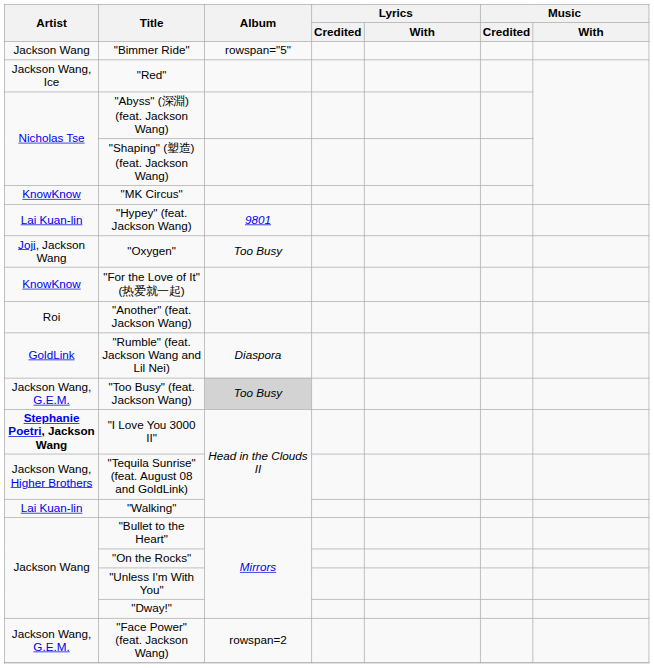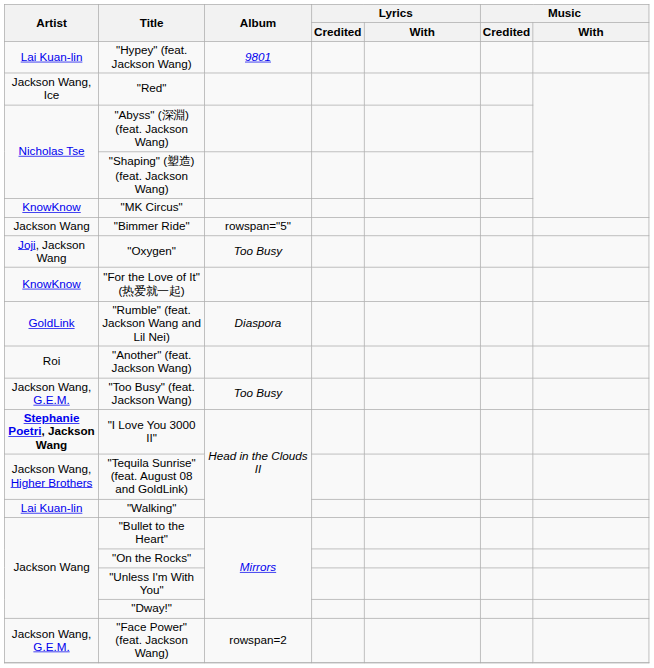 <table class="wikitable" style="text-align:center; width:100%;">
 <tr>
 <th rowspan="2" style="width:15%;">Artist</th>
 <th rowspan="2" style="width:17%;">Title</th>
 <th rowspan="2" style="width:17%;">Album</th>
 <th colspan="2" style="width:24%;">Lyrics</th>
 <th colspan="2" style="width:24%;">Music</th>
 </tr>
 <tr>
 <th style="width:5%;">Credited</th>
 <th style="width:19%;">With</th>
 <th style="width:5%;">Credited</th>
 <th style="width:19%;">With</th>
 </tr>
 <tr>
-<td>Jackson Wang</td>
-<td>"Bimmer Ride"</td>
-<td>rowspan="5" </td>
+<td><a href='#'>Lai Kuan-lin</a></td>
+<td>"Hypey" (feat. Jackson Wang)</td>
+<td><em><a href='#'>9801</a></em></td>
 <td></td>
 <td></td>
 <td></td>
 <td></td>
 </tr>
 <tr>
 <td>Jackson Wang, Ice</td>
 <td>"Red"</td>
 <td></td>
 <td></td>
 <td></td>
 <td></td>
 </tr>
 <tr>
 <td rowspan="2"><a href='#'>Nicholas Tse</a></td>
 <td>"Abyss" (深淵) (feat. Jackson Wang)</td>
 <td></td>
 <td></td>
 <td></td>
 <td></td>
 </tr>
 <tr>
 <td>"Shaping" (塑造) (feat. Jackson Wang)</td>
 <td></td>
 <td></td>
 <td></td>
 <td></td>
 </tr>
 <tr>
 <td><a href='#'>KnowKnow</a></td>
 <td>"MK Circus"</td>
 <td></td>
 <td></td>
 <td></td>
 <td></td>
 </tr>
 <tr>
-<td><a href='#'>Lai Kuan-lin</a></td>
-<td>"Hypey" (feat. Jackson Wang)</td>
-<td><em><a href='#'>9801</a></em></td>
+<td>Jackson Wang</td>
+<td>"Bimmer Ride"</td>
+<td>rowspan="5" </td>
 <td></td>
 <td></td>
 <td></td>
 <td></td>
 </tr>
 <tr>
 <td><a href='#'>Joji</a>, Jackson Wang</td>
 <td>"Oxygen"</td>
 <td><em>Too Busy</em></td>
 <td></td>
 <td></td>
 <td></td>
 <td></td>
 </tr>
 <tr>
 <td><a href='#'>KnowKnow</a></td>
 <td>"For the Love of It" (热爱就一起)</td>
 <td></td>
 <td></td>
 <td></td>
 <td></td>
 </tr>
 <tr>
+<td><a href='#'>GoldLink</a></td>
+<td>"Rumble" (feat. Jackson Wang and Lil Nei)</td>
+<td><em>Diaspora</em></td>
+<td></td>
+<td></td>
+<td></td>
+<td></td>
+</tr>
+<tr>
 <td>Roi</td>
 <td>"Another"  (feat. Jackson Wang)</td>
 <td></td>
 <td></td>
 <td></td>
 <td></td>
 <td></td>
 </tr>
 <tr>
-<td><a href='#'>GoldLink</a></td>
-<td>"Rumble" (feat. Jackson Wang and Lil Nei)</td>
-<td><em>Diaspora</em></td>
-<td></td>
-<td></td>
-<td></td>
-<td></td>
-</tr>
-<tr>
 <td>Jackson Wang, <a href='#'>G.E.M.</a></td>
 <td>"Too Busy" (feat. Jackson Wang)</td>
-<td style="background: lightgrey;"><em>Too Busy</em></td>
+<td><em>Too Busy</em></td>
 <td></td>
 <td></td>
 <td></td>
 <td></td>
 </tr>
 <tr>
 <td><strong><a href='#'>Stephanie Poetri</a>, Jackson Wang</strong></td>
 <td>"I Love You 3000 II"</td>
 <td rowspan="3"><em>Head in the Clouds II</em></td>
 <td></td>
 <td></td>
 <td></td>
 <td></td>
 </tr>
 <tr>
 <td>Jackson Wang, <a href='#'>Higher Brothers</a></td>
 <td>"Tequila Sunrise" (feat. August 08 and GoldLink)</td>
 <td></td>
 <td></td>
 <td></td>
 <td></td>
 </tr>
 <tr>
 <td><a href='#'>Lai Kuan-lin</a></td>
 <td>"Walking"</td>
 <td></td>
 <td></td>
 <td></td>
 <td></td>
 </tr>
 <tr>
 <td rowspan="4">Jackson Wang</td>
 <td>"Bullet to the Heart"</td>
 <td rowspan="4"><em><a href='#'>Mirrors</a></em></td>
 <td></td>
 <td></td>
 <td></td>
 <td></td>
 </tr>
 <tr>
 <td>"On the Rocks"</td>
 <td></td>
 <td></td>
 <td></td>
 <td></td>
 </tr>
 <tr>
 <td>"Unless I'm With You"</td>
 <td></td>
 <td></td>
 <td></td>
 <td></td>
 </tr>
 <tr>
 <td>"Dway!"</td>
 <td></td>
 <td></td>
 <td></td>
 <td></td>
 </tr>
 <tr>
 <td>Jackson Wang, <a href='#'>G.E.M.</a></td>
 <td>"Face Power" (feat. Jackson Wang)</td>
 <td>rowspan=2 </td>
 <td></td>
 <td></td>
 <td></td>
 <td></td>
 </tr>
 <tr>
 </tr>
 </table>
